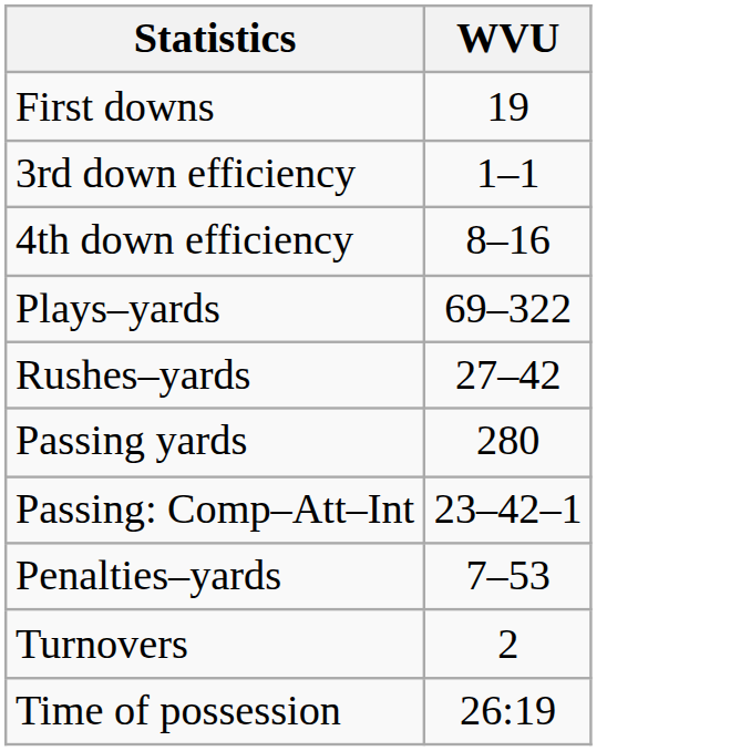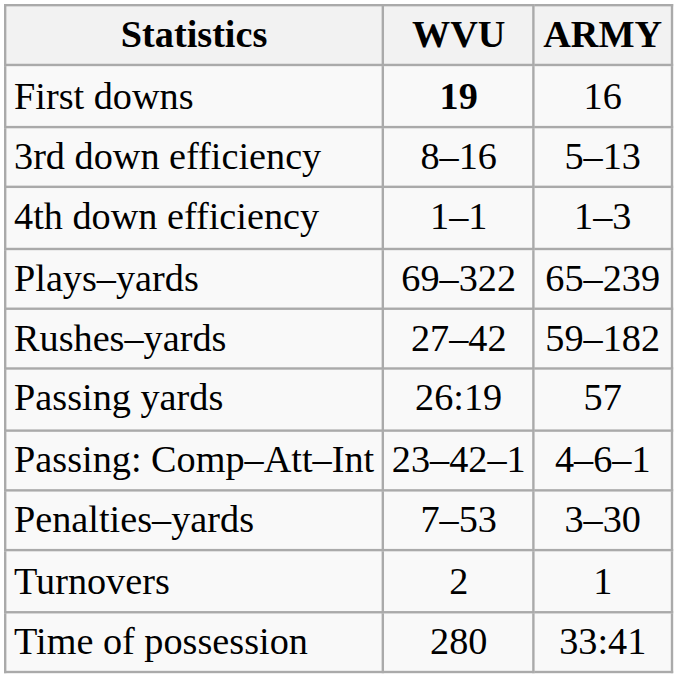 <table class="wikitable">
 <tr>
 <th>Statistics</th>
 <th>WVU</th>
+<th>ARMY</th>
 </tr>
 <tr>
 <td>First downs</td>
-<td align=center>19</td>
+<td align=center><strong>19</strong></td>
+<td align="center">16</td>
 </tr>
 <tr>
 <td>3rd down efficiency</td>
-<td align=center>1–1</td>
+<td align=center>8–16</td>
+<td align="center">5–13</td>
 </tr>
 <tr>
 <td>4th down efficiency</td>
-<td align=center>8–16</td>
+<td align=center>1–1</td>
+<td align="center">1–3</td>
 </tr>
 <tr>
 <td>Plays–yards</td>
 <td align=center>69–322</td>
+<td align="center">65–239</td>
 </tr>
 <tr>
 <td>Rushes–yards</td>
 <td align=center>27–42</td>
+<td align="center">59–182</td>
 </tr>
 <tr>
 <td>Passing yards</td>
-<td align=center>280</td>
+<td align=center>26:19</td>
+<td align="center">57</td>
 </tr>
 <tr>
 <td>Passing: Comp–Att–Int</td>
 <td align=center>23–42–1</td>
+<td align="center">4–6–1</td>
 </tr>
 <tr>
 <td>Penalties–yards</td>
 <td align=center>7–53</td>
+<td align="center">3–30</td>
 </tr>
 <tr>
 <td>Turnovers</td>
 <td align=center>2</td>
+<td align="center">1</td>
 </tr>
 <tr>
 <td>Time of possession</td>
-<td align=center>26:19</td>
+<td align=center>280</td>
+<td align="center">33:41</td>
 </tr>
 </table>
